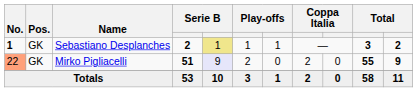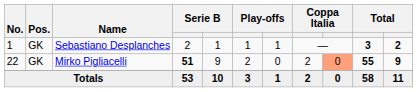 <table class="wikitable" style="text-align:center">
 <tr>
 <th rowspan="2" valign="bottom">No.</th>
 <th rowspan="2" valign="bottom">Pos.</th>
 <th rowspan="2" valign="bottom">Name</th>
 <th colspan="2" width="85">Serie B</th>
 <th colspan="2" width="85">Play-offs</th>
 <th colspan="2" width="85">Coppa Italia</th>
 <th colspan="2" width="85">Total</th>
 </tr>
 <tr>
 <th></th>
 <th></th>
 <th></th>
 <th></th>
 <th></th>
 <th></th>
 <th></th>
 <th></th>
 </tr>
 <tr>
-<td align="left"><strong>1</strong></td>
+<td align="left">1</td>
 <td align="left">GK</td>
 <td align="left"> <a href='#'>Sebastiano Desplanches</a></td>
-<td><strong>2</strong></td>
-<td style="background: khaki;">1</td>
+<td>2</td>
+<td>1</td>
 <td>1</td>
 <td>1</td>
 <td colspan="2">—</td>
 <td><strong>3</strong></td>
 <td><strong>2</strong></td>
 </tr>
 <tr>
-<td align="left" style="background: lightsalmon;">22</td>
+<td align="left">22</td>
 <td align="left">GK</td>
 <td align="left"> <a href='#'>Mirko Pigliacelli</a></td>
 <td><strong>51</strong></td>
-<td style="background: lavender;">9</td>
+<td>9</td>
 <td>2</td>
 <td>0</td>
 <td>2</td>
-<td>0</td>
+<td style="background: lightsalmon;">0</td>
 <td><strong>55</strong></td>
 <td><strong>9</strong></td>
 </tr>
 <tr>
 </tr>
 <tr bgcolor="#EFEFEF">
 <td colspan="3"><strong>Totals</strong></td>
 <td><strong>53</strong></td>
 <td><strong>10</strong></td>
 <td><strong>3</strong></td>
 <td><strong>1</strong></td>
 <td><strong>2</strong></td>
 <td><strong>0</strong></td>
 <td><strong>58</strong></td>
 <td><strong>11</strong></td>
 </tr>
 </table>
